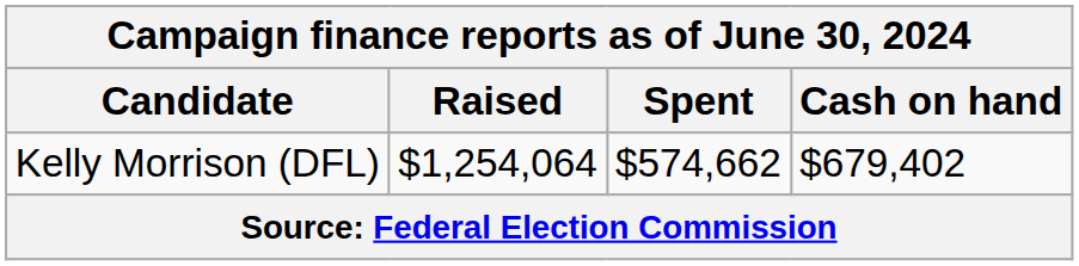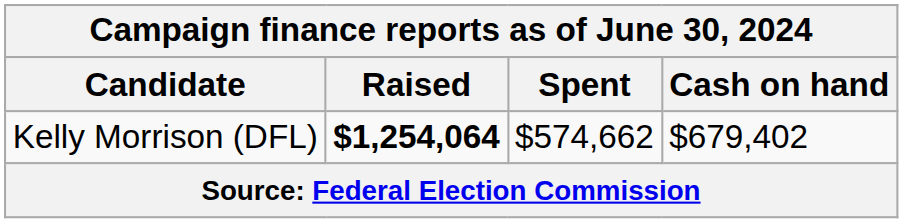 <table class="wikitable sortable">
 <tr>
 <th colspan=4>Campaign finance reports as of June 30, 2024</th>
 </tr>
 <tr style="text-align:center;">
 <th>Candidate</th>
 <th>Raised</th>
 <th>Spent</th>
 <th>Cash on hand</th>
 </tr>
 <tr>
 <td>Kelly Morrison (DFL)</td>
-<td>$1,254,064</td>
+<td><strong>$1,254,064</strong></td>
 <td>$574,662</td>
 <td>$679,402</td>
 </tr>
 <tr>
 <th colspan="4"><small>Source: <a href='#'>Federal Election Commission</a></small></th>
 </tr>
 </table>
